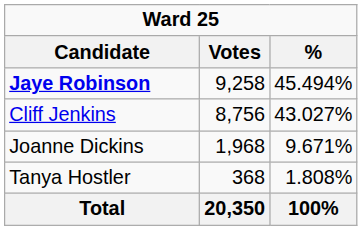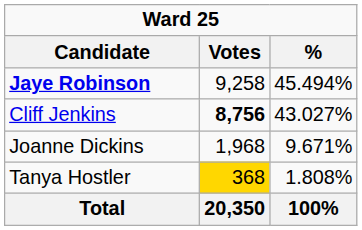 <table class="wikitable">
 <tr>
 <td Colspan="3" align="center"><strong>Ward 25</strong></td>
 </tr>
 <tr>
 <th bgcolor="#DDDDFF" width="150px">Candidate</th>
 <th bgcolor="#DDDDFF">Votes</th>
 <th bgcolor="#DDDDFF">%</th>
 </tr>
 <tr>
 <td><strong><a href='#'>Jaye Robinson</a></strong></td>
 <td align=right>9,258</td>
 <td align=right>45.494%</td>
 </tr>
 <tr>
 <td><a href='#'>Cliff Jenkins</a></td>
-<td align=right>8,756</td>
+<td align=right><strong>8,756</strong></td>
 <td align=right>43.027%</td>
 </tr>
 <tr>
 <td>Joanne Dickins</td>
 <td align=right>1,968</td>
 <td align=right>9.671%</td>
 </tr>
 <tr>
 <td>Tanya Hostler</td>
-<td align=right>368</td>
+<td align=right style="background: gold;">368</td>
 <td align=right>1.808%</td>
 </tr>
 <tr>
 <th>Total</th>
 <th align=right>20,350</th>
 <th align=right>100%</th>
 </tr>
 </table>
